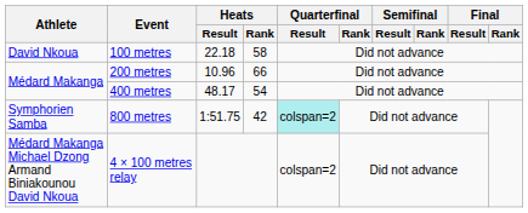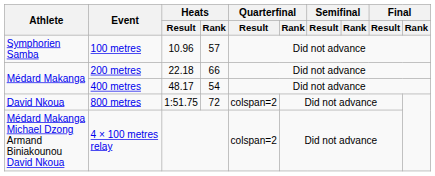 <table class="wikitable" style="font-size:90%">
 <tr>
 <th rowspan="2">Athlete</th>
 <th rowspan="2">Event</th>
 <th colspan="2">Heats</th>
 <th colspan="2">Quarterfinal</th>
 <th colspan="2">Semifinal</th>
 <th colspan="2">Final</th>
 </tr>
 <tr style="font-size:95%">
 <th>Result</th>
 <th>Rank</th>
 <th>Result</th>
 <th>Rank</th>
 <th>Result</th>
 <th>Rank</th>
 <th>Result</th>
 <th>Rank</th>
 </tr>
 <tr align=center>
-<td align=left><a href='#'>David Nkoua</a></td>
+<td align=left><a href='#'>Symphorien Samba</a></td>
 <td align=left><a href='#'>100 metres</a></td>
-<td>22.18</td>
-<td>58</td>
+<td>10.96</td>
+<td>57</td>
 <td colspan=6>Did not advance</td>
 </tr>
 <tr align=center>
 <td align=left rowspan=2><a href='#'>Médard Makanga</a></td>
 <td align=left><a href='#'>200 metres</a></td>
-<td>10.96</td>
+<td>22.18</td>
 <td>66</td>
 <td colspan=6>Did not advance</td>
 </tr>
 <tr align=center>
 <td align=left><a href='#'>400 metres</a></td>
 <td>48.17</td>
 <td>54</td>
 <td colspan=6>Did not advance</td>
 </tr>
 <tr align=center>
-<td align=left><a href='#'>Symphorien Samba</a></td>
+<td align=left><a href='#'>David Nkoua</a></td>
 <td align=left><a href='#'>800 metres</a></td>
 <td>1:51.75</td>
-<td>42</td>
-<td style="background: paleturquoise;">colspan=2</td>
+<td>72</td>
+<td>colspan=2</td>
 <td colspan=4>Did not advance</td>
 </tr>
 <tr align=center>
 <td align=left><a href='#'>Médard Makanga</a><br><a href='#'>Michael Dzong</a><br>Armand Biniakounou<br><a href='#'>David Nkoua</a></td>
 <td align=left><a href='#'>4 × 100 metres relay</a></td>
 <td colspan=2></td>
 <td>colspan=2</td>
 <td colspan=4>Did not advance</td>
 </tr>
 </table>
